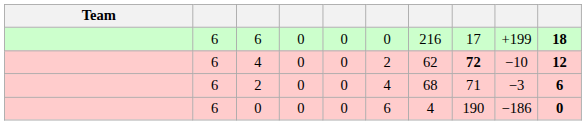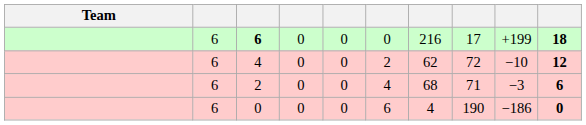 <table class=wikitable style="text-align:center">
 <tr>
 <th width=200>Team</th>
 <th width=40></th>
 <th width=40></th>
 <th width=40></th>
 <th width=40></th>
 <th width=40></th>
 <th width=40></th>
 <th width=40></th>
 <th width=40></th>
 <th width=40></th>
 </tr>
 <tr bgcolor=ccffcc>
 <td align=left></td>
 <td>6</td>
-<td>6</td>
+<td><strong>6</strong></td>
 <td>0</td>
 <td>0</td>
 <td>0</td>
 <td>216</td>
 <td>17</td>
 <td>+199</td>
 <td><strong>18</strong></td>
 </tr>
 <tr bgcolor=ffcccc>
 <td align=left></td>
 <td>6</td>
 <td>4</td>
 <td>0</td>
 <td>0</td>
 <td>2</td>
 <td>62</td>
-<td><strong>72</strong></td>
+<td>72</td>
 <td>−10</td>
 <td><strong>12</strong></td>
 </tr>
 <tr bgcolor=ffcccc>
 <td align=left></td>
 <td>6</td>
 <td>2</td>
 <td>0</td>
 <td>0</td>
 <td>4</td>
 <td>68</td>
 <td>71</td>
 <td>−3</td>
 <td><strong>6</strong></td>
 </tr>
 <tr bgcolor=ffcccc>
 <td align=left></td>
 <td>6</td>
 <td>0</td>
 <td>0</td>
 <td>0</td>
 <td>6</td>
 <td>4</td>
 <td>190</td>
 <td>−186</td>
 <td><strong>0</strong></td>
 </tr>
 </table>
